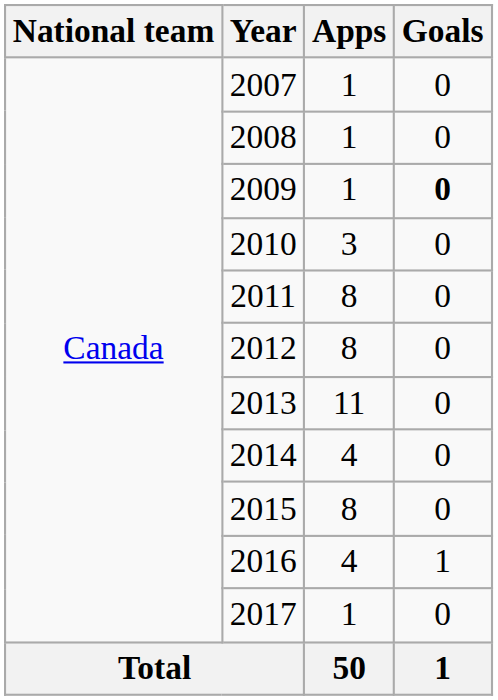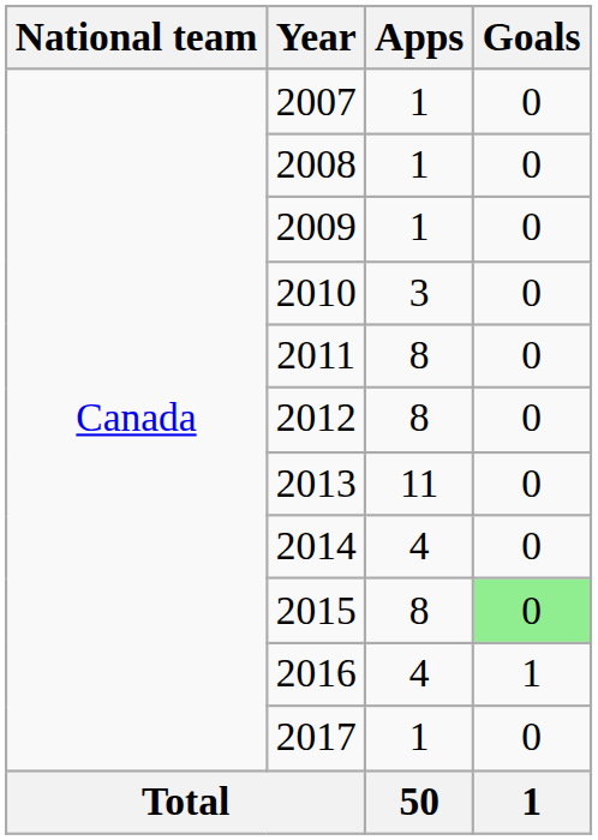 <table class="wikitable" style="text-align:center">
 <tr>
 <th>National team</th>
 <th>Year</th>
 <th>Apps</th>
 <th>Goals</th>
 </tr>
 <tr>
 <td rowspan="11"><a href='#'>Canada</a></td>
 <td>2007</td>
 <td>1</td>
 <td>0</td>
 </tr>
 <tr>
 <td>2008</td>
 <td>1</td>
 <td>0</td>
 </tr>
 <tr>
 <td>2009</td>
 <td>1</td>
-<td><strong>0</strong></td>
+<td>0</td>
 </tr>
 <tr>
 <td>2010</td>
 <td>3</td>
 <td>0</td>
 </tr>
 <tr>
 <td>2011</td>
 <td>8</td>
 <td>0</td>
 </tr>
 <tr>
 <td>2012</td>
 <td>8</td>
 <td>0</td>
 </tr>
 <tr>
 <td>2013</td>
 <td>11</td>
 <td>0</td>
 </tr>
 <tr>
 <td>2014</td>
 <td>4</td>
 <td>0</td>
 </tr>
 <tr>
 <td>2015</td>
 <td>8</td>
-<td>0</td>
+<td style="background: lightgreen;">0</td>
 </tr>
 <tr>
 <td>2016</td>
 <td>4</td>
 <td>1</td>
 </tr>
 <tr>
 <td>2017</td>
 <td>1</td>
 <td>0</td>
 </tr>
 <tr>
 <th colspan="2">Total</th>
 <th>50</th>
 <th>1</th>
 </tr>
 </table>
